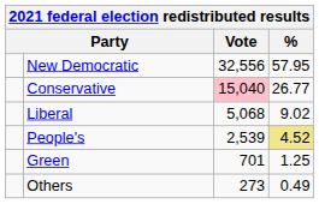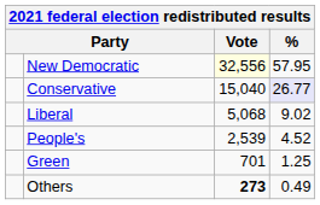 <table class="wikitable">
 <tr>
 <th colspan="4"><a href='#'>2021 federal election</a> redistributed results</th>
 </tr>
 <tr>
 <th bgcolor="#DDDDFF" width="130px" colspan="2">Party</th>
 <th bgcolor="#DDDDFF" width="50px">Vote</th>
 <th bgcolor="#DDDDFF" width="30px">%</th>
 </tr>
 <tr>
 <td> </td>
 <td><a href='#'>New Democratic</a></td>
-<td align=right>32,556</td>
+<td align=right style="background: lightyellow;">32,556</td>
 <td align=right>57.95</td>
 </tr>
 <tr>
 <td> </td>
 <td><a href='#'>Conservative</a></td>
-<td align=right style="background: pink;">15,040</td>
-<td align=right>26.77</td>
+<td align=right>15,040</td>
+<td align=right style="background: lavender;">26.77</td>
 </tr>
 <tr>
 <td> </td>
 <td><a href='#'>Liberal</a></td>
 <td align=right>5,068</td>
 <td align=right>9.02</td>
 </tr>
 <tr>
 <td> </td>
 <td><a href='#'>People's</a></td>
 <td align=right>2,539</td>
-<td align=right style="background: khaki;">4.52</td>
+<td align=right>4.52</td>
 </tr>
 <tr>
 <td> </td>
 <td><a href='#'>Green</a></td>
 <td align=right>701</td>
 <td align=right>1.25</td>
 </tr>
 <tr>
 <td> </td>
 <td>Others</td>
-<td align=right>273</td>
+<td align=right><strong>273</strong></td>
 <td align=right>0.49</td>
 </tr>
 </table>
